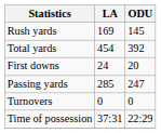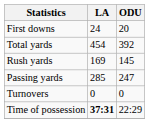 <table class="wikitable" style="float: left;">
 <tr>
 <th>Statistics</th>
 <th>LA</th>
 <th>ODU</th>
 </tr>
 <tr>
-<td>Rush yards</td>
-<td>169</td>
-<td>145</td>
+<td>First downs</td>
+<td>24</td>
+<td>20</td>
 </tr>
 <tr>
 <td>Total yards</td>
 <td>454</td>
 <td>392</td>
 </tr>
 <tr>
-<td>First downs</td>
-<td>24</td>
-<td>20</td>
+<td>Rush yards</td>
+<td>169</td>
+<td>145</td>
 </tr>
 <tr>
 <td>Passing yards</td>
 <td>285</td>
 <td>247</td>
 </tr>
 <tr>
 <td>Turnovers</td>
 <td>0</td>
 <td>0</td>
 </tr>
 <tr>
 <td>Time of possession</td>
-<td>37:31</td>
+<td><strong>37:31</strong></td>
 <td>22:29</td>
 </tr>
 <tr>
 </tr>
 </table>
